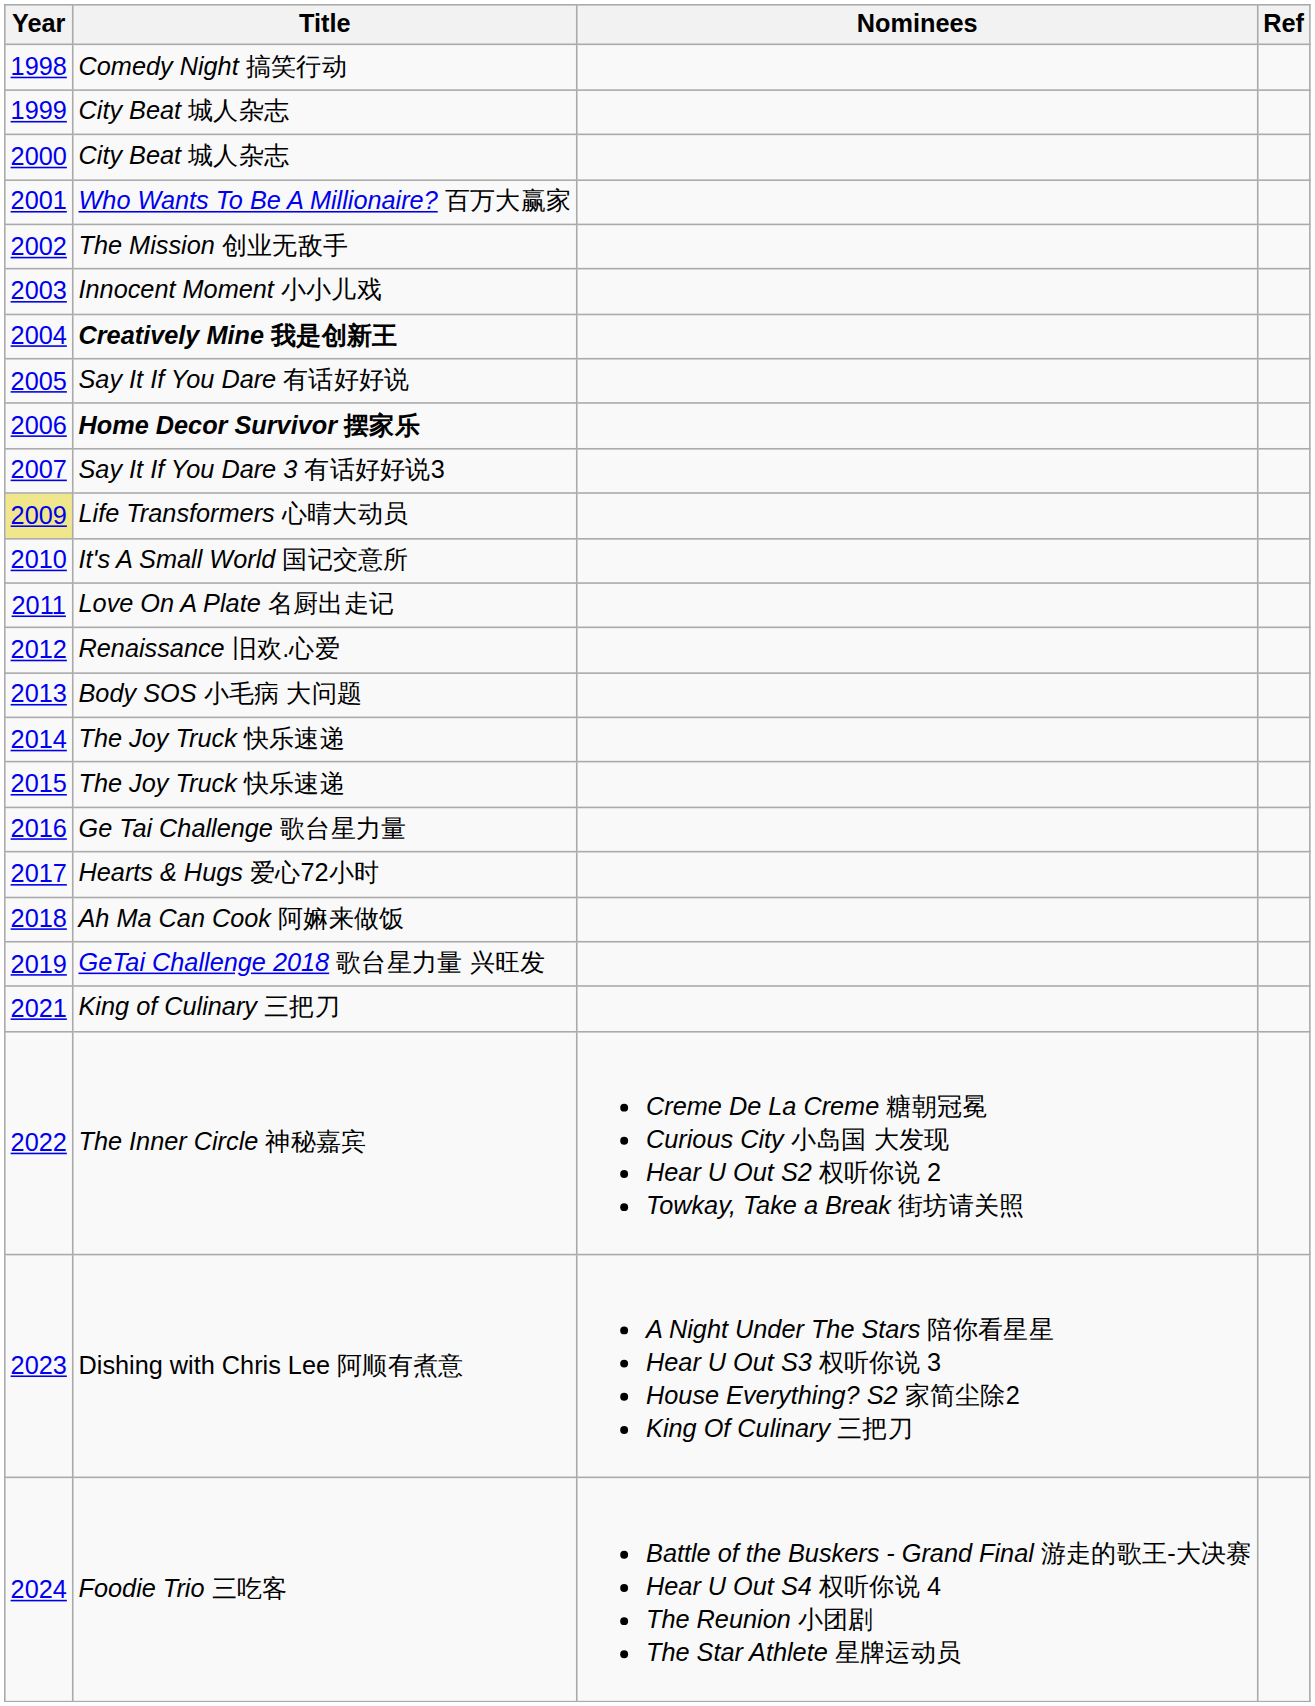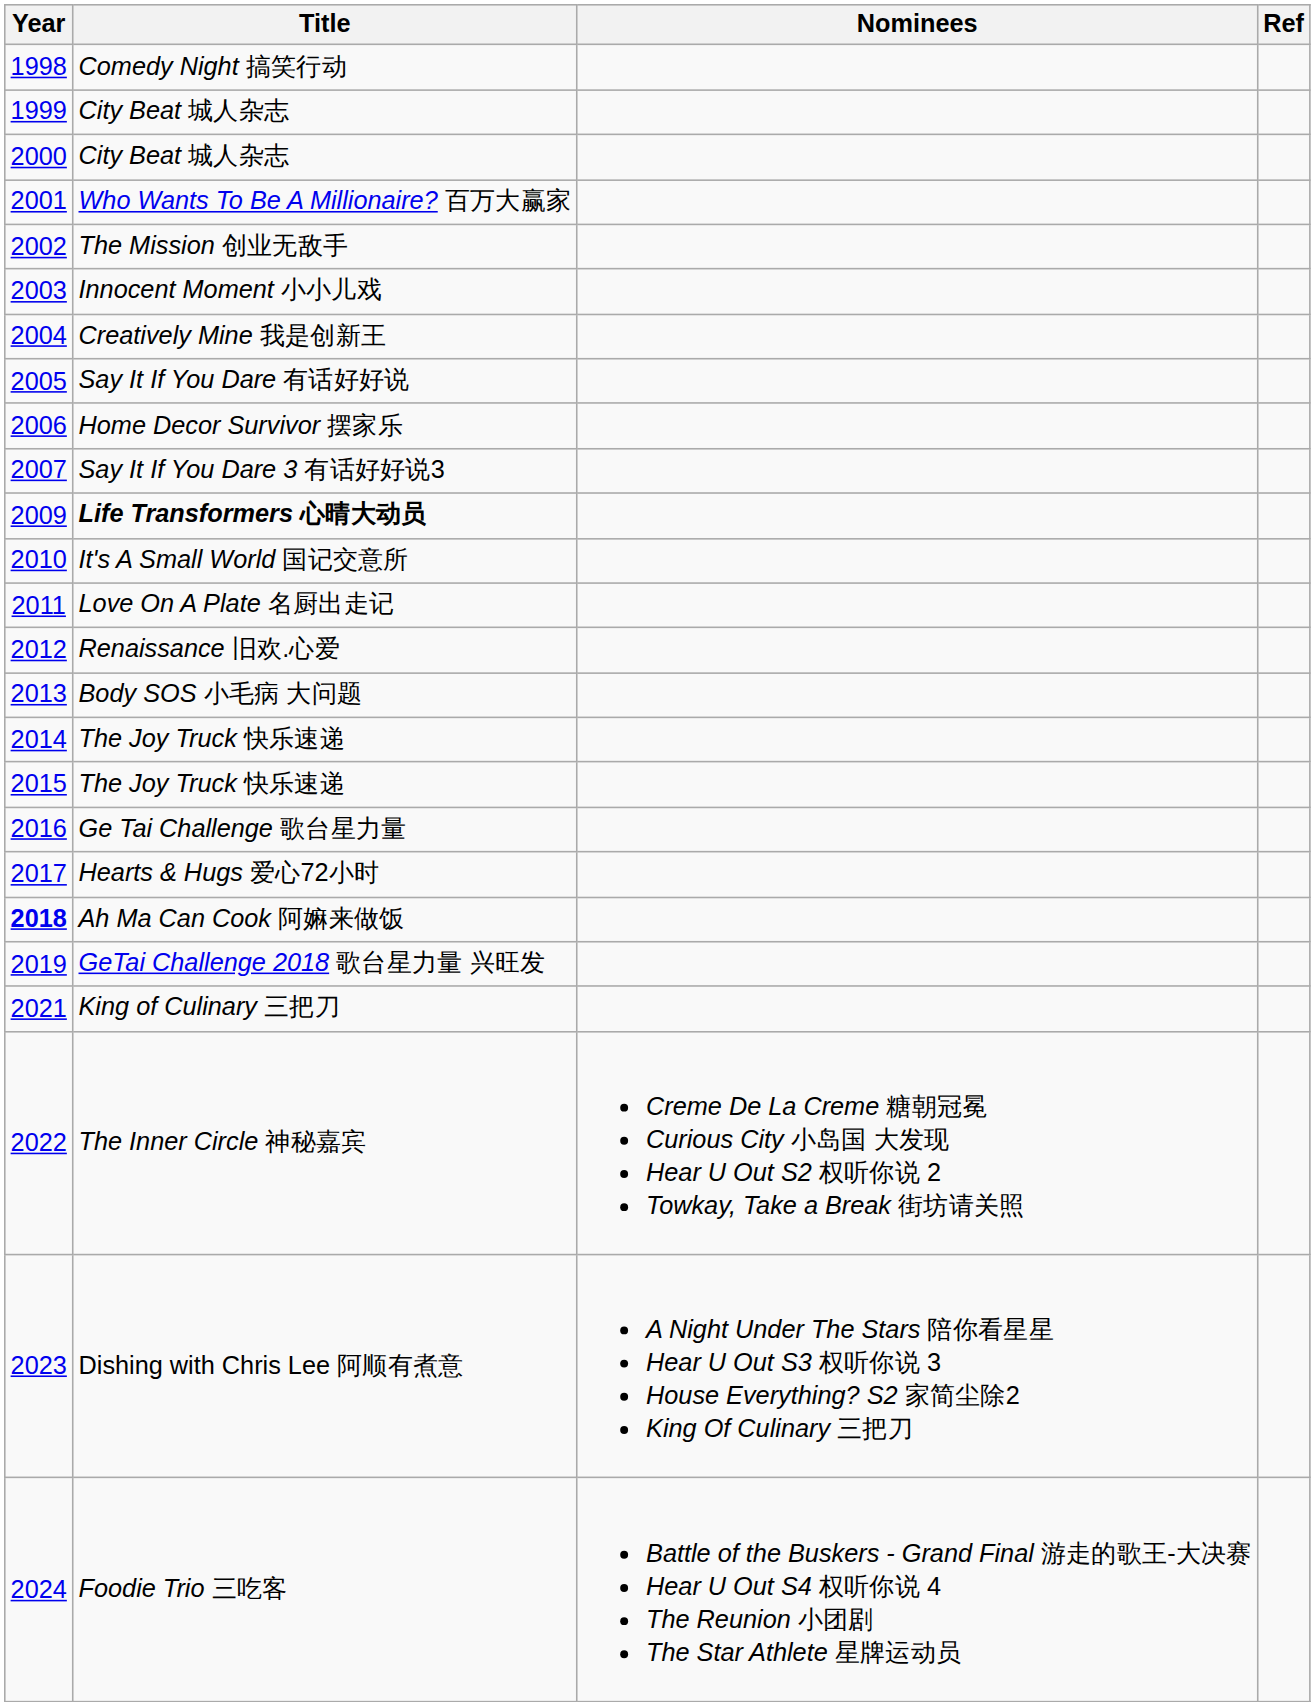 <table class="wikitable sortable">
 <tr>
 <th>Year</th>
 <th>Title</th>
 <th>Nominees</th>
 <th>Ref</th>
 </tr>
 <tr>
 <td style="text-align:center;"><a href='#'>1998</a></td>
 <td><em>Comedy Night</em> 搞笑行动</td>
 <td></td>
 <td></td>
 </tr>
 <tr>
 <td style="text-align:center;"><a href='#'>1999</a></td>
 <td><em>City Beat</em> 城人杂志</td>
 <td></td>
 <td></td>
 </tr>
 <tr>
 <td style="text-align:center;"><a href='#'>2000</a></td>
 <td><em>City Beat</em> 城人杂志</td>
 <td></td>
 <td></td>
 </tr>
 <tr>
 <td style="text-align:center;"><a href='#'>2001</a></td>
 <td><em><a href='#'>Who Wants To Be A Millionaire?</a></em> 百万大赢家</td>
 <td></td>
 <td></td>
 </tr>
 <tr>
 <td style="text-align:center;"><a href='#'>2002</a></td>
 <td><em>The Mission</em> 创业无敌手</td>
 <td></td>
 <td></td>
 </tr>
 <tr>
 <td style="text-align:center;"><a href='#'>2003</a></td>
 <td><em>Innocent Moment</em> 小小儿戏</td>
 <td></td>
 <td></td>
 </tr>
 <tr>
 <td style="text-align:center;"><a href='#'>2004</a></td>
-<td><strong><em>Creatively Mine</em> 我是创新王</strong></td>
+<td><em>Creatively Mine</em> 我是创新王</td>
 <td></td>
 <td></td>
 </tr>
 <tr>
 <td style="text-align:center;"><a href='#'>2005</a></td>
 <td><em>Say It If You Dare</em> 有话好好说</td>
 <td></td>
 <td></td>
 </tr>
 <tr>
 <td style="text-align:center;"><a href='#'>2006</a></td>
-<td><strong><em>Home Decor Survivor</em> 摆家乐</strong></td>
+<td><em>Home Decor Survivor</em> 摆家乐</td>
 <td></td>
 <td></td>
 </tr>
 <tr>
 <td style="text-align:center;"><a href='#'>2007</a></td>
 <td><em>Say It If You Dare 3</em> 有话好好说3</td>
 <td></td>
 <td></td>
 </tr>
 <tr>
-<td style="background: khaki; text-align:center;"><a href='#'>2009</a></td>
-<td><em>Life Transformers</em> 心晴大动员</td>
+<td style="text-align:center;"><a href='#'>2009</a></td>
+<td><strong><em>Life Transformers</em> 心晴大动员</strong></td>
 <td></td>
 <td></td>
 </tr>
 <tr>
 <td style="text-align:center;"><a href='#'>2010</a></td>
 <td><em>It's A Small World</em> 国记交意所</td>
 <td></td>
 <td></td>
 </tr>
 <tr>
 <td style="text-align:center;"><a href='#'>2011</a></td>
 <td><em>Love On A Plate</em> 名厨出走记</td>
 <td></td>
 <td></td>
 </tr>
 <tr>
 <td style="text-align:center;"><a href='#'>2012</a></td>
 <td><em>Renaissance</em> 旧欢.心爱</td>
 <td></td>
 <td></td>
 </tr>
 <tr>
 <td style="text-align:center;"><a href='#'>2013</a></td>
 <td><em>Body SOS</em> 小毛病 大问题</td>
 <td></td>
 <td></td>
 </tr>
 <tr>
 <td style="text-align:center;"><a href='#'>2014</a></td>
 <td><em>The Joy Truck</em> 快乐速递</td>
 <td></td>
 <td></td>
 </tr>
 <tr>
 <td style="text-align:center;"><a href='#'>2015</a></td>
 <td><em>The Joy Truck</em> 快乐速递</td>
 <td></td>
 <td></td>
 </tr>
 <tr>
 <td style="text-align:center;"><a href='#'>2016</a></td>
 <td><em>Ge Tai Challenge</em> 歌台星力量</td>
 <td></td>
 <td></td>
 </tr>
 <tr>
 <td style="text-align:center;"><a href='#'>2017</a></td>
 <td><em>Hearts & Hugs</em> 爱心72小时</td>
 <td></td>
 <td></td>
 </tr>
 <tr>
-<td style="text-align:center;"><a href='#'>2018</a></td>
+<td style="text-align:center;"><strong><a href='#'>2018</a></strong></td>
 <td><em>Ah Ma Can Cook</em> 阿嫲来做饭</td>
 <td></td>
 <td></td>
 </tr>
 <tr>
 <td style="text-align:center;"><a href='#'>2019</a></td>
 <td><em><a href='#'>GeTai Challenge 2018</a></em> 歌台星力量 兴旺发</td>
 <td></td>
 <td></td>
 </tr>
 <tr>
 <td style="text-align:center;"><a href='#'>2021</a></td>
 <td><em>King of Culinary</em> 三把刀</td>
 <td></td>
 <td></td>
 </tr>
 <tr>
 <td style="text-align:center;"><a href='#'>2022</a></td>
 <td><em>The Inner Circle</em> 神秘嘉宾</td>
 <td {{smalldiv><br><ul><li><em>Creme De La Creme</em> 糖朝冠冕</li><li><em>Curious City</em> 小岛国 大发现</li><li><em>Hear U Out S2</em> 权听你说 2</li><li><em>Towkay, Take a Break</em> 街坊请关照</li></ul></td>
 <td></td>
 </tr>
 <tr>
 <td style="text-align:center;"><a href='#'>2023</a></td>
 <td>Dishing with Chris Lee 阿顺有煮意</td>
 <td {{smalldiv><br><ul><li><em>A Night Under The Stars</em> 陪你看星星</li><li><em>Hear U Out S3</em> 权听你说 3</li><li><em>House Everything? S2</em> 家简尘除2</li><li><em>King Of Culinary</em> 三把刀</li></ul></td>
 <td></td>
 </tr>
 <tr>
 <td style="text-align:center;"><a href='#'>2024</a></td>
 <td><em>Foodie Trio</em> 三吃客</td>
 <td {{smalldiv><br><ul><li><em>Battle of the Buskers - Grand Final</em> 游走的歌王-大决赛</li><li><em>Hear U Out S4</em> 权听你说 4</li><li><em>The Reunion</em> 小团剧</li><li><em>The Star Athlete</em> 星牌运动员</li></ul></td>
 <td></td>
 </tr>
 <tr>
 </tr>
 </table>
